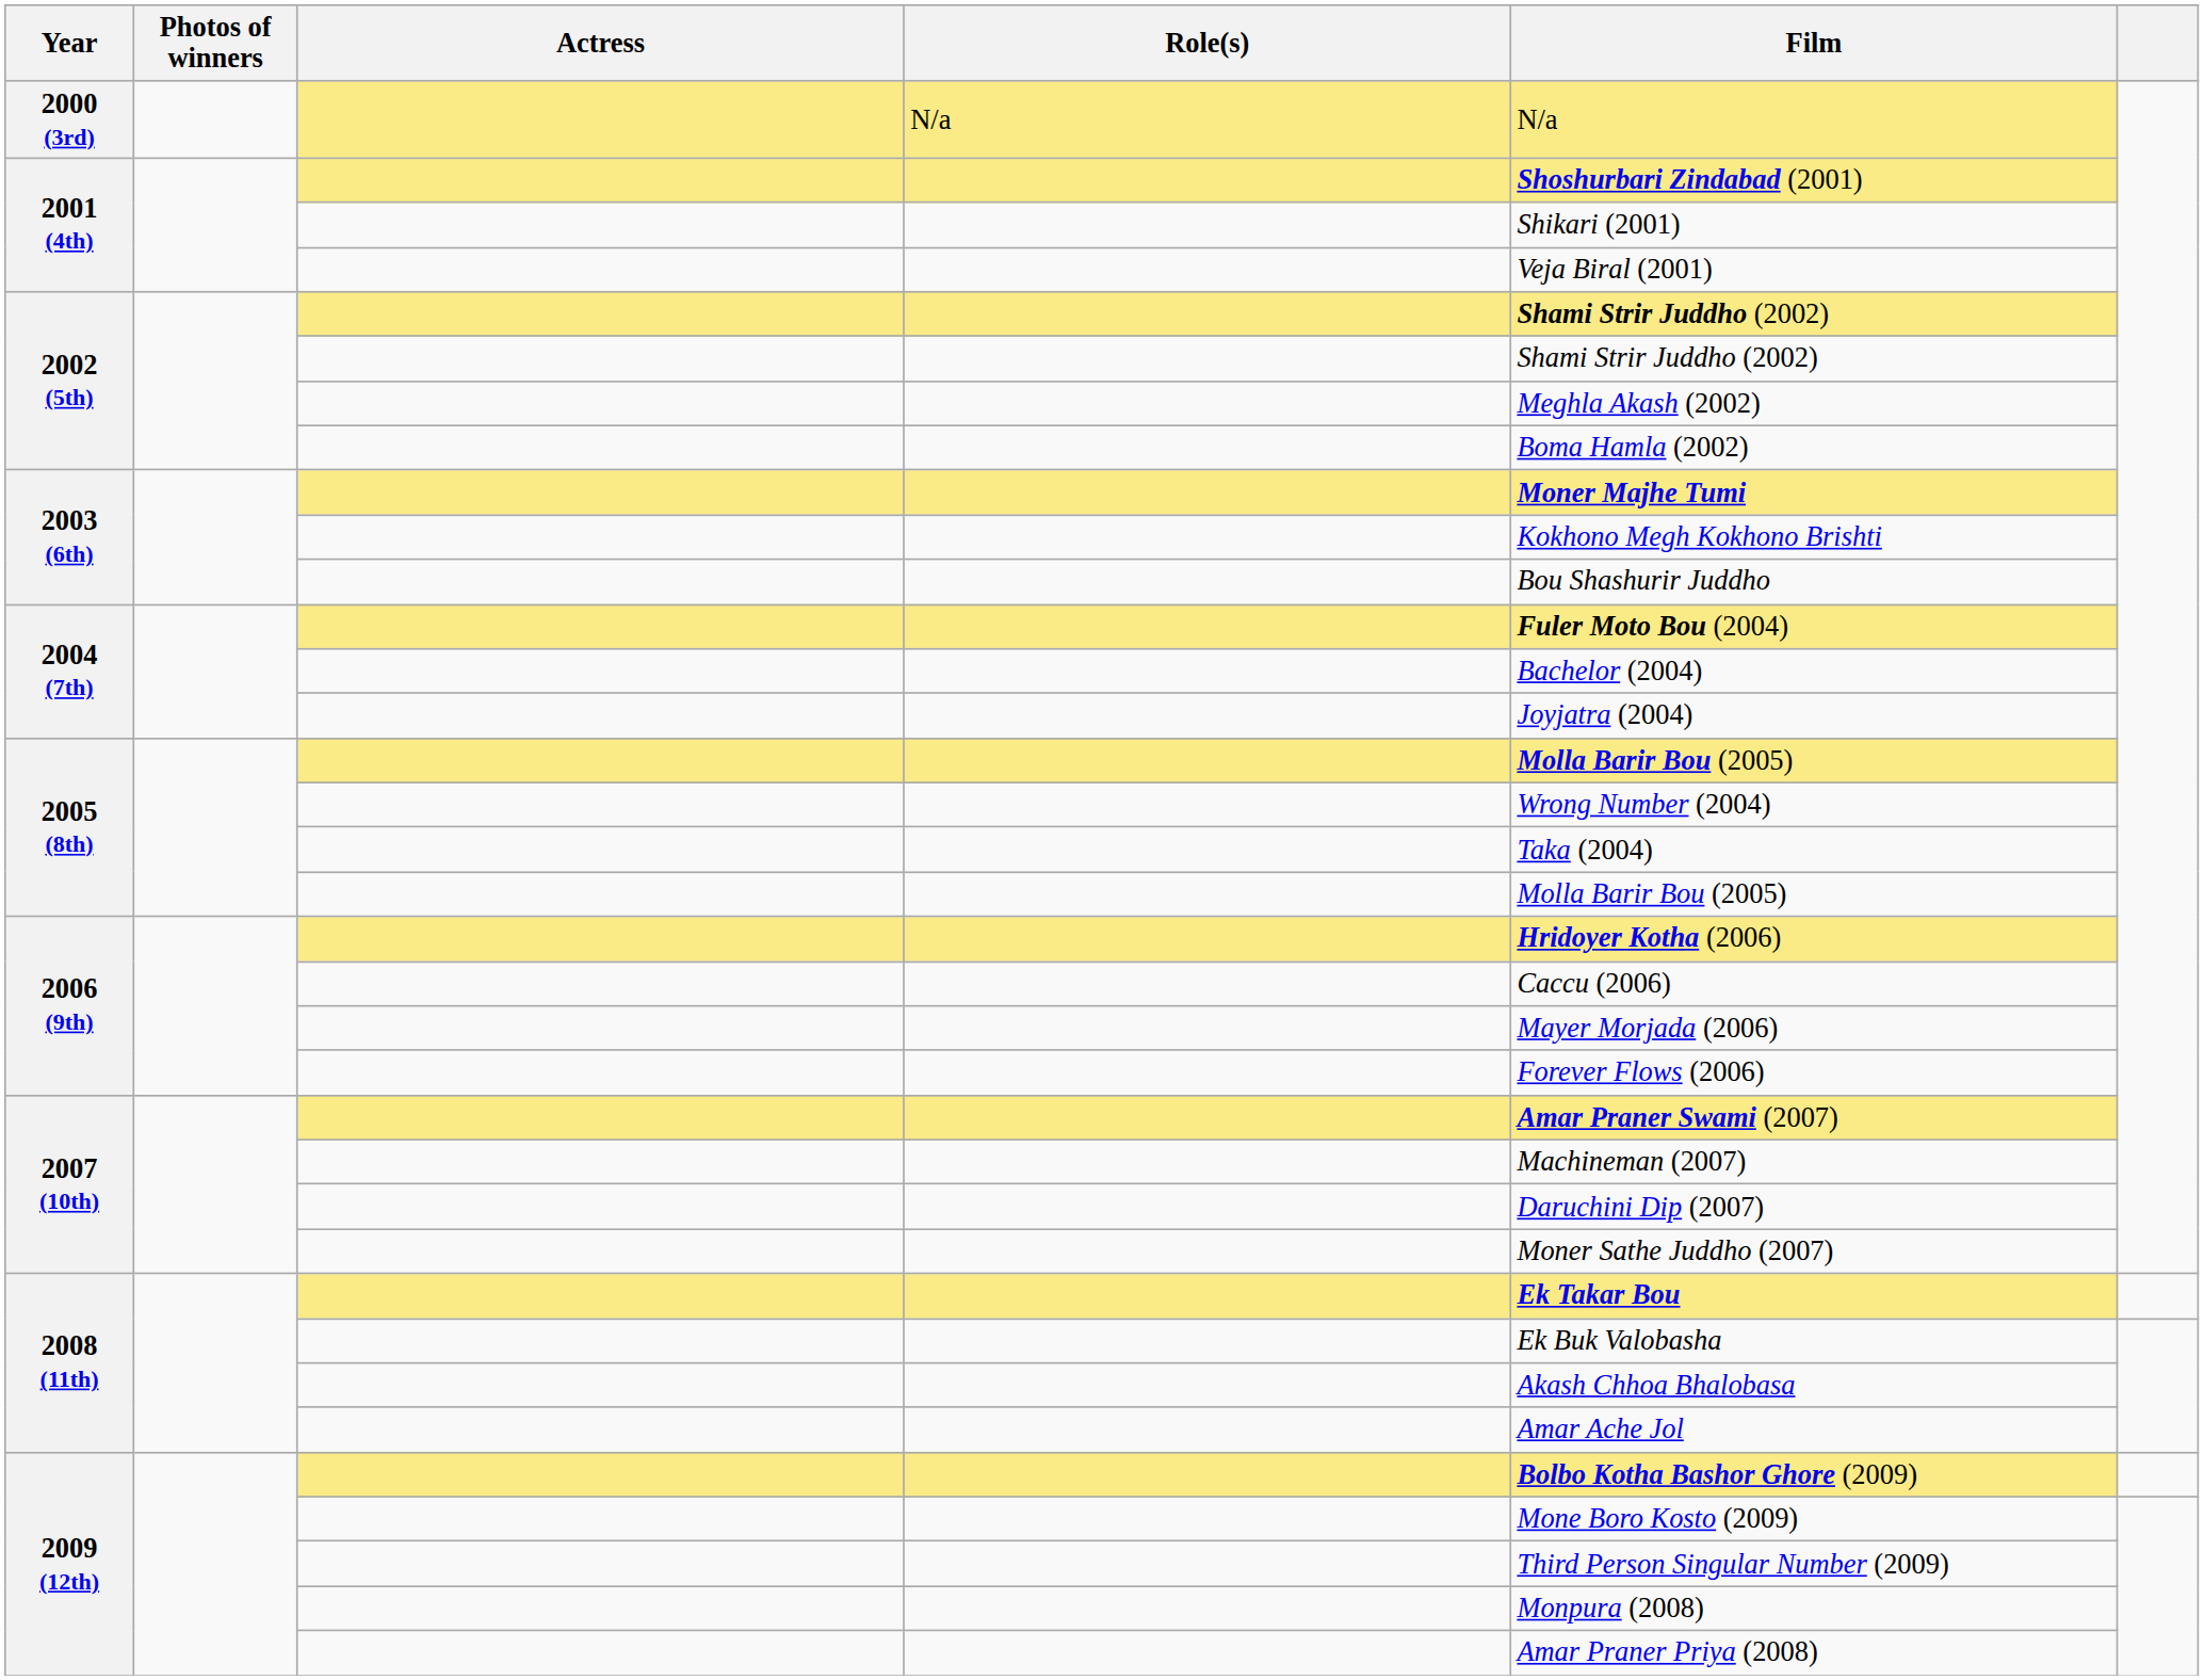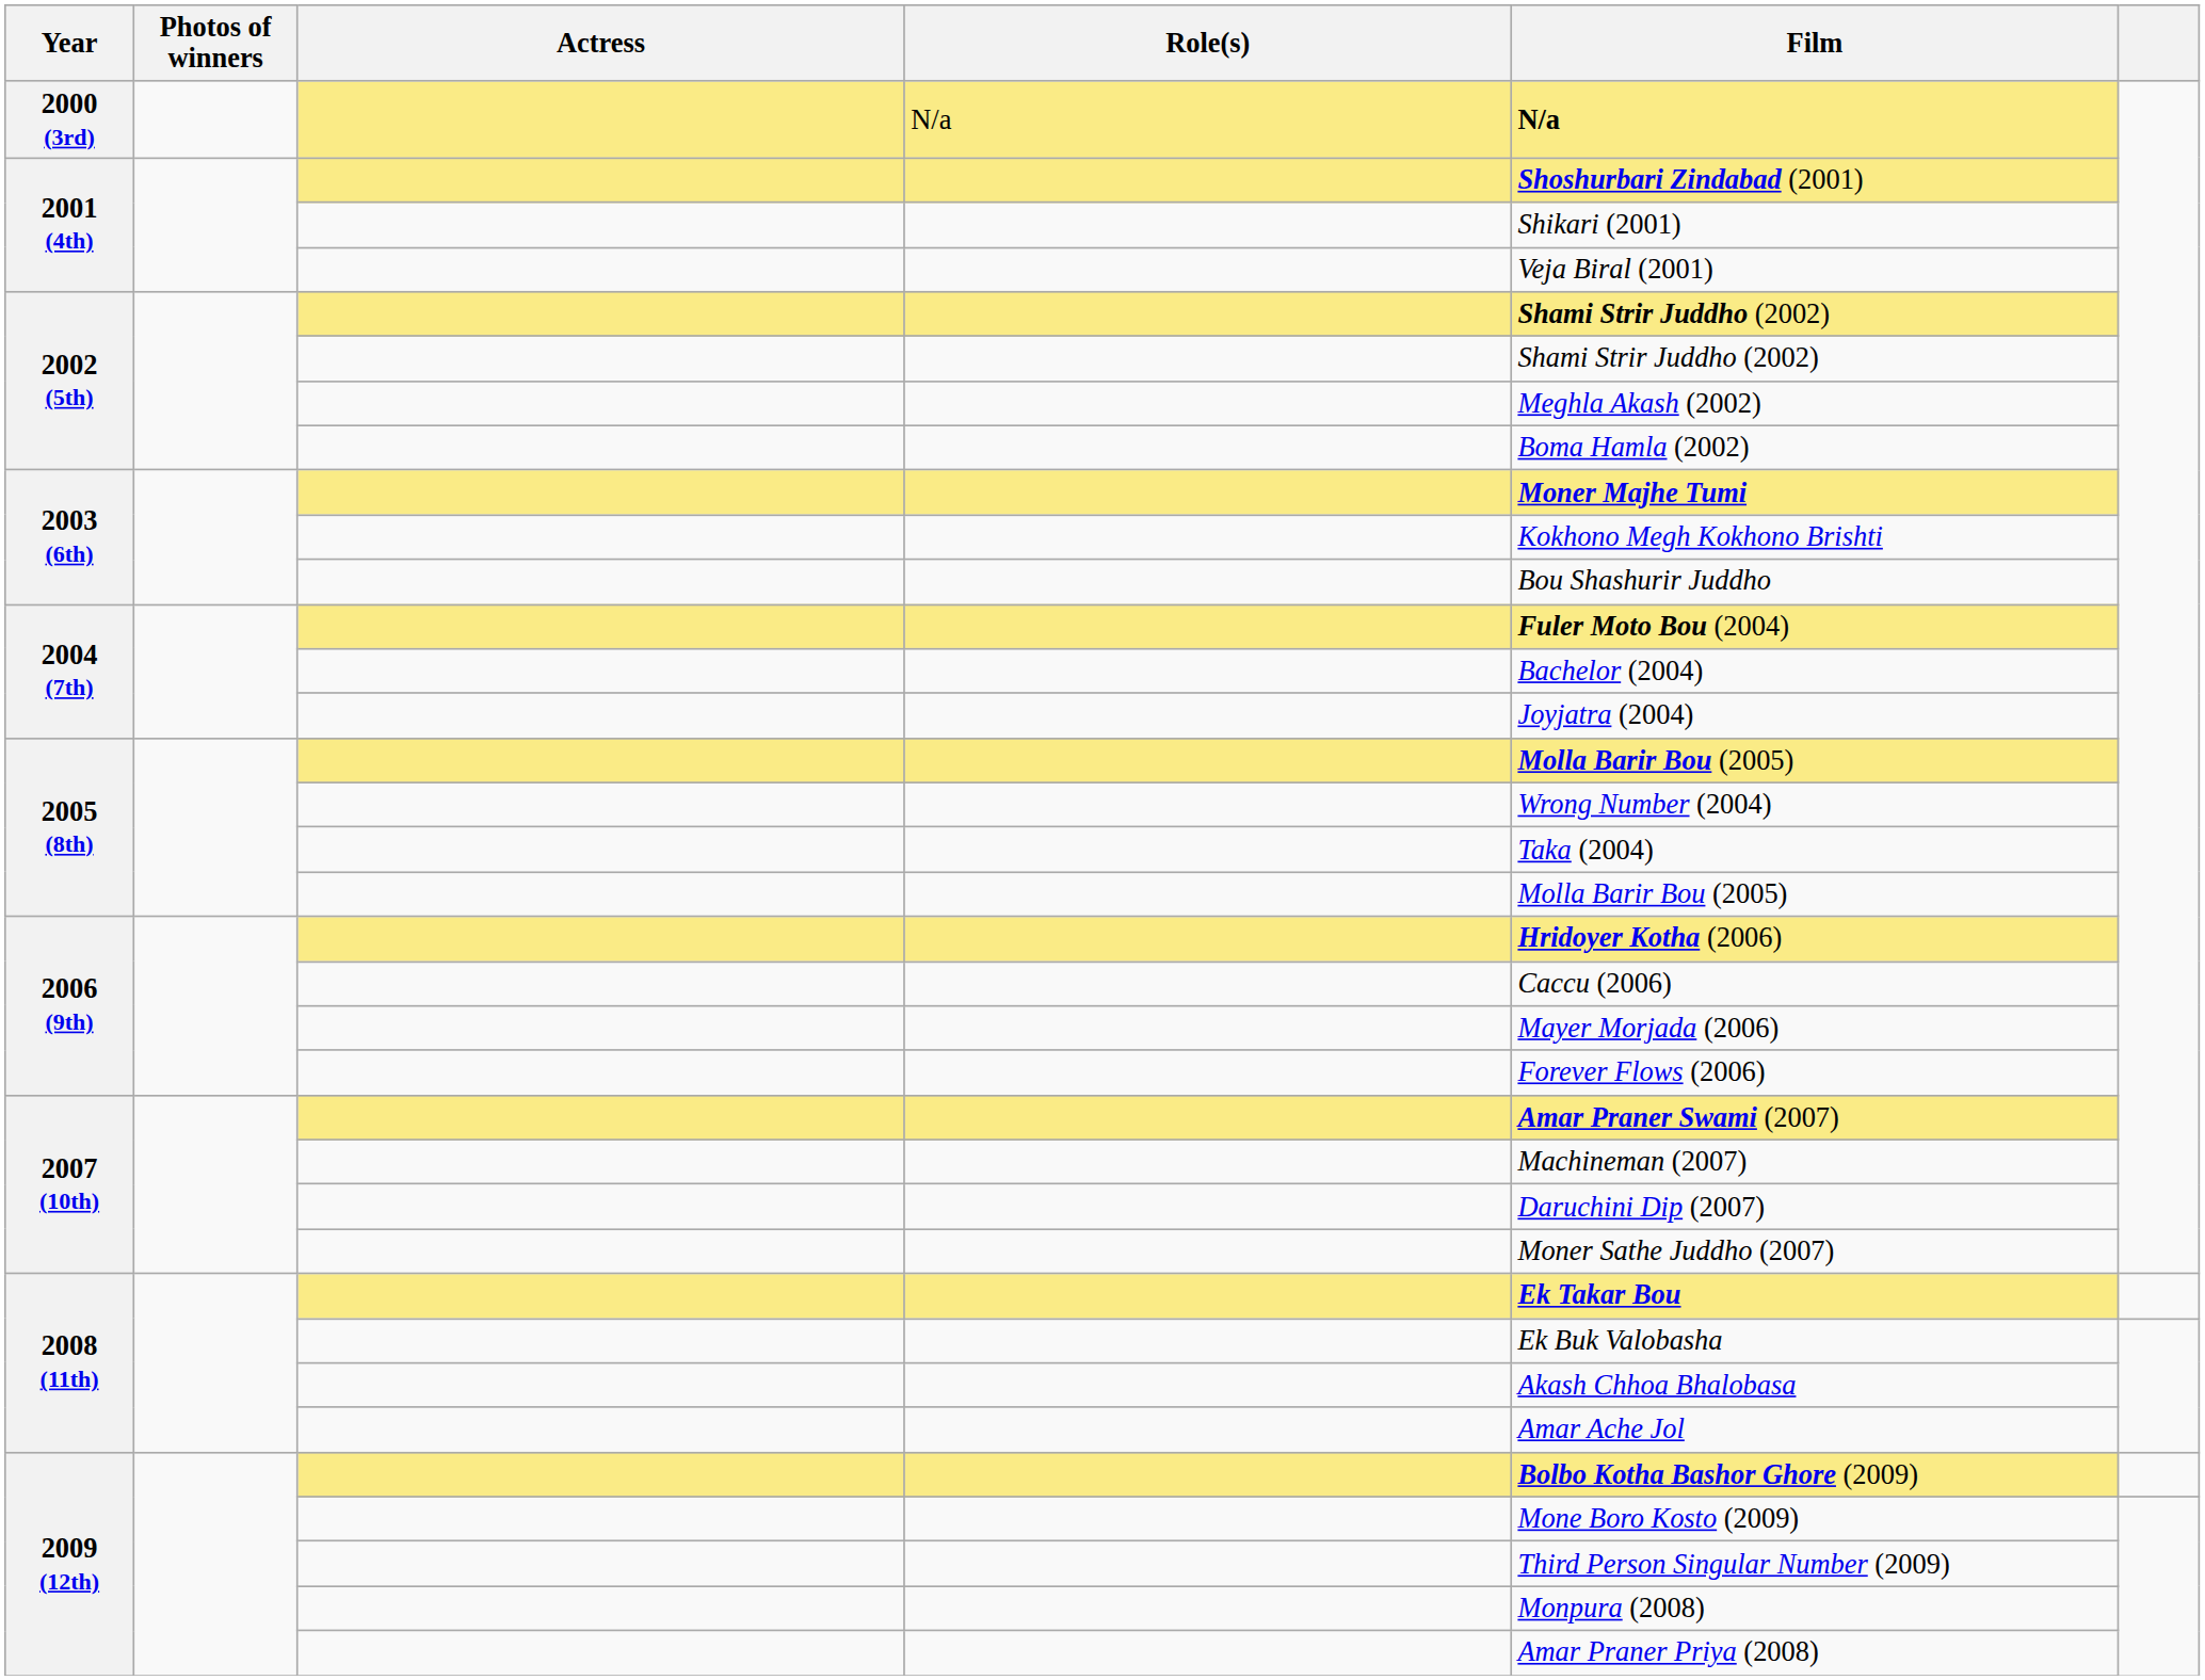 <table class="wikitable sortable" style="text-align:left;">
 <tr>
 <th scope="col" style="width:3%; text-align:center;">Year</th>
 <th scope="col" style="width:3%; text-align:center;">Photos of winners</th>
 <th scope="col" style="width:15%;text-align:center;">Actress</th>
 <th scope="col" style="width:15%;text-align:center;">Role(s)</th>
 <th scope="col" style="width:15%;text-align:center;">Film</th>
 <th scope="col" style="width:2%;" class="unsortable"></th>
 </tr>
 <tr>
 <th scope="row" rowspan=1 style="text-align:center">2000 <br><small><a href='#'>(3rd)</a> </small></th>
 <td rowspan=1 style="text-align:center"></td>
 <td style="background:#FAEB86;"><strong></strong> </td>
 <td style="background:#FAEB86;">N/a</td>
-<td style="background:#FAEB86;">N/a</td>
+<td style="background:#FAEB86;"><strong>N/a</strong></td>
 </tr>
 <tr>
 <th scope="row" rowspan=3 style="text-align:center">2001 <br><small><a href='#'>(4th)</a> </small></th>
 <td rowspan=3 style="text-align:center"></td>
 <td style="background:#FAEB86;"><strong></strong> </td>
 <td style="background:#FAEB86;"><strong></strong></td>
 <td style="background:#FAEB86;"><strong><em><a href='#'>Shoshurbari Zindabad</a></em></strong> (2001)</td>
 </tr>
 <tr>
 <td></td>
 <td></td>
 <td><em>Shikari</em> (2001)</td>
 </tr>
 <tr>
 <td></td>
 <td></td>
 <td><em>Veja Biral</em> (2001)</td>
 </tr>
 <tr>
 <th scope="row" rowspan=4 style="text-align:center">2002 <br><small><a href='#'>(5th)</a> </small></th>
 <td rowspan=4 style="text-align:center"></td>
 <td style="background:#FAEB86;"><strong></strong> </td>
 <td style="background:#FAEB86;"><strong></strong></td>
 <td style="background:#FAEB86;"><strong><em>Shami Strir Juddho</em></strong> (2002)</td>
 </tr>
 <tr>
 <td></td>
 <td></td>
 <td><em>Shami Strir Juddho</em> (2002)</td>
 </tr>
 <tr>
 <td></td>
 <td></td>
 <td><em><a href='#'>Meghla Akash</a></em> (2002)</td>
 </tr>
 <tr>
 <td></td>
 <td></td>
 <td><em><a href='#'>Boma Hamla</a></em> (2002)</td>
 </tr>
 <tr>
 <th scope="row" rowspan=3 style="text-align:center">2003 <br><small><a href='#'>(6th)</a> </small></th>
 <td rowspan=3 style="text-align:center"></td>
 <td style="background:#FAEB86;"><strong></strong> </td>
 <td style="background:#FAEB86;"><strong></strong></td>
 <td style="background:#FAEB86;"><strong><em><a href='#'>Moner Majhe Tumi</a></em></strong></td>
 </tr>
 <tr>
 <td></td>
 <td></td>
 <td><em><a href='#'>Kokhono Megh Kokhono Brishti</a></em></td>
 </tr>
 <tr>
 <td></td>
 <td></td>
 <td><em>Bou Shashurir Juddho</em></td>
 </tr>
 <tr>
 <th scope="row" rowspan=3 style="text-align:center">2004 <br><small><a href='#'>(7th)</a> </small></th>
 <td rowspan=3 style="text-align:center"></td>
 <td style="background:#FAEB86;"><strong></strong> </td>
 <td style="background:#FAEB86;"><strong></strong></td>
 <td style="background:#FAEB86;"><strong><em>Fuler Moto Bou</em></strong> (2004)</td>
 </tr>
 <tr>
 <td></td>
 <td></td>
 <td><em><a href='#'>Bachelor</a></em> (2004)</td>
 </tr>
 <tr>
 <td></td>
 <td></td>
 <td><em><a href='#'>Joyjatra</a></em> (2004)</td>
 </tr>
 <tr>
 <th scope="row" rowspan=4 style="text-align:center">2005 <br><small><a href='#'>(8th)</a> </small></th>
 <td rowspan=4 style="text-align:center"></td>
 <td style="background:#FAEB86;"><strong></strong> </td>
 <td style="background:#FAEB86;"><strong></strong></td>
 <td style="background:#FAEB86;"><strong><em><a href='#'>Molla Barir Bou</a></em></strong> (2005)</td>
 </tr>
 <tr>
 <td></td>
 <td></td>
 <td><em><a href='#'>Wrong Number</a></em> (2004)</td>
 </tr>
 <tr>
 <td></td>
 <td></td>
 <td><em><a href='#'>Taka</a></em> (2004)</td>
 </tr>
 <tr>
 <td></td>
 <td></td>
 <td><em><a href='#'>Molla Barir Bou</a></em> (2005)</td>
 </tr>
 <tr>
 <th scope="row" rowspan=4 style="text-align:center">2006 <br><small><a href='#'>(9th)</a> </small></th>
 <td rowspan=4 style="text-align:center"></td>
 <td style="background:#FAEB86;"><strong></strong> </td>
 <td style="background:#FAEB86;"><strong></strong></td>
 <td style="background:#FAEB86;"><strong><em><a href='#'>Hridoyer Kotha</a></em></strong> (2006)</td>
 </tr>
 <tr>
 <td></td>
 <td></td>
 <td><em>Caccu</em> (2006)</td>
 </tr>
 <tr>
 <td></td>
 <td></td>
 <td><em><a href='#'>Mayer Morjada</a></em> (2006)</td>
 </tr>
 <tr>
 <td></td>
 <td></td>
 <td><em><a href='#'>Forever Flows</a></em> (2006)</td>
 </tr>
 <tr>
 <th scope="row" rowspan=4 style="text-align:center">2007 <br><small><a href='#'>(10th)</a> </small></th>
 <td rowspan=4 style="text-align:center"></td>
 <td style="background:#FAEB86;"><strong></strong> </td>
 <td style="background:#FAEB86;"><strong></strong></td>
 <td style="background:#FAEB86;"><strong><em><a href='#'>Amar Praner Swami</a></em></strong> (2007)</td>
 </tr>
 <tr>
 <td></td>
 <td></td>
 <td><em>Machineman</em> (2007)</td>
 </tr>
 <tr>
 <td></td>
 <td></td>
 <td><em><a href='#'>Daruchini Dip</a></em> (2007)</td>
 </tr>
 <tr>
 <td></td>
 <td></td>
 <td><em>Moner Sathe Juddho</em> (2007)</td>
 </tr>
 <tr>
 <th scope="row" rowspan=4 style="text-align:center">2008 <br><small><a href='#'>(11th)</a> </small></th>
 <td rowspan=4 style="text-align:center"></td>
 <td style="background:#FAEB86;"><strong></strong> </td>
 <td style="background:#FAEB86;"><strong></strong></td>
 <td style="background:#FAEB86;"><strong><em><a href='#'>Ek Takar Bou</a></em></strong></td>
 <td></td>
 </tr>
 <tr>
 <td></td>
 <td></td>
 <td><em>Ek Buk Valobasha</em></td>
 </tr>
 <tr>
 <td></td>
 <td></td>
 <td><em><a href='#'>Akash Chhoa Bhalobasa</a></em></td>
 </tr>
 <tr>
 <td></td>
 <td></td>
 <td><em><a href='#'>Amar Ache Jol</a></em></td>
 </tr>
 <tr>
 <th scope="row" rowspan=5 style="text-align:center">2009 <br><small><a href='#'>(12th)</a> </small></th>
 <td rowspan=5 style="text-align:center"></td>
 <td style="background:#FAEB86;"><strong></strong> </td>
 <td style="background:#FAEB86;"><strong></strong></td>
 <td style="background:#FAEB86;"><strong><em><a href='#'>Bolbo Kotha Bashor Ghore</a></em></strong> (2009)</td>
 <td></td>
 </tr>
 <tr>
 <td></td>
 <td></td>
 <td><em><a href='#'>Mone Boro Kosto</a></em> (2009)</td>
 </tr>
 <tr>
 <td></td>
 <td></td>
 <td><em><a href='#'>Third Person Singular Number</a></em> (2009)</td>
 </tr>
 <tr>
 <td></td>
 <td></td>
 <td><em><a href='#'>Monpura</a></em> (2008)</td>
 </tr>
 <tr>
 <td></td>
 <td></td>
 <td><em><a href='#'>Amar Praner Priya</a></em> (2008)</td>
 </tr>
 <tr>
 </tr>
 </table>
